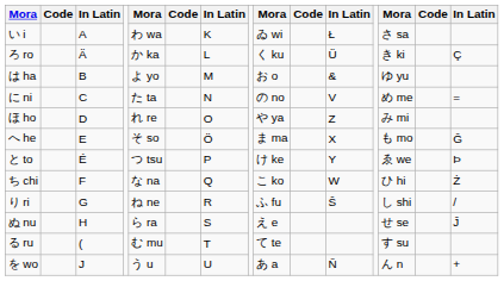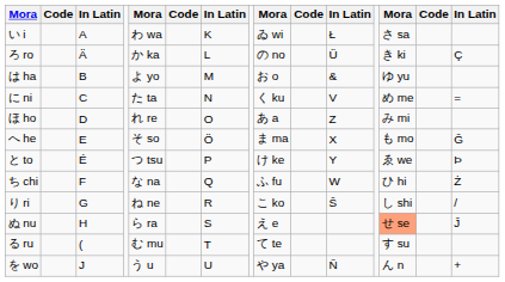 <table class="wikitable">
 <tr>
 <th><a href='#'>Mora</a></th>
 <th>Code</th>
 <th>In Latin</th>
 <td rowspan=13></td>
 <th>Mora</th>
 <th>Code</th>
 <th>In Latin</th>
 <td rowspan=13></td>
 <th>Mora</th>
 <th>Code</th>
 <th>In Latin</th>
 <td rowspan=13></td>
 <th>Mora</th>
 <th>Code</th>
 <th>In Latin</th>
 </tr>
 <tr>
 <td>い i</td>
 <td></td>
 <td>A</td>
 <td>わ wa</td>
 <td></td>
 <td>K</td>
 <td>ゐ wi</td>
 <td></td>
 <td>Ł</td>
 <td>さ sa</td>
 <td></td>
 <td></td>
 </tr>
 <tr>
 <td>ろ ro</td>
 <td></td>
 <td>Ä</td>
 <td>か ka</td>
 <td></td>
 <td>L</td>
-<td>く ku</td>
+<td>の no</td>
 <td></td>
 <td>Ü</td>
 <td>き ki</td>
 <td></td>
 <td>Ç</td>
 </tr>
 <tr>
 <td>は ha</td>
 <td></td>
 <td>B</td>
 <td>よ yo</td>
 <td></td>
 <td>M</td>
 <td>お o</td>
 <td></td>
 <td>&</td>
 <td>ゆ yu</td>
 <td></td>
 <td></td>
 </tr>
 <tr>
 <td>に ni</td>
 <td></td>
 <td>C</td>
 <td>た ta</td>
 <td></td>
 <td>N</td>
-<td>の no</td>
+<td>く ku</td>
 <td></td>
 <td>V</td>
 <td>め me</td>
 <td></td>
 <td>=</td>
 </tr>
 <tr>
 <td>ほ ho</td>
 <td></td>
 <td>D</td>
 <td>れ re</td>
 <td></td>
 <td>O</td>
-<td>や ya</td>
+<td>あ a</td>
 <td></td>
 <td>Z</td>
 <td>み mi</td>
 <td></td>
 <td></td>
 </tr>
 <tr>
 <td>へ he</td>
 <td></td>
 <td>E</td>
 <td>そ so</td>
 <td></td>
 <td>Ö</td>
 <td>ま ma</td>
 <td></td>
 <td>X</td>
 <td>も mo</td>
 <td></td>
 <td>Ĝ</td>
 </tr>
 <tr>
 <td>と to</td>
 <td></td>
 <td>É</td>
 <td>つ tsu</td>
 <td></td>
 <td>P</td>
 <td>け ke</td>
 <td></td>
 <td>Y</td>
 <td>ゑ we</td>
 <td></td>
 <td>Þ</td>
 </tr>
 <tr>
 <td>ち chi</td>
 <td></td>
 <td>F</td>
 <td>な na</td>
 <td></td>
 <td>Q</td>
-<td>こ ko</td>
+<td>ふ fu</td>
 <td></td>
 <td>W</td>
 <td>ひ hi</td>
 <td></td>
 <td>Ż</td>
 </tr>
 <tr>
 <td>り ri</td>
 <td></td>
 <td>G</td>
 <td>ね ne</td>
 <td></td>
 <td>R</td>
-<td>ふ fu</td>
+<td>こ ko</td>
 <td></td>
 <td>Š</td>
 <td>し shi</td>
 <td></td>
 <td>/</td>
 </tr>
 <tr>
 <td>ぬ nu</td>
 <td></td>
 <td>H</td>
 <td>ら ra</td>
 <td></td>
 <td>S</td>
 <td>え e</td>
 <td></td>
 <td></td>
-<td>せ se</td>
+<td style="background: lightsalmon;">せ se</td>
 <td></td>
 <td>Ĵ</td>
 </tr>
 <tr>
 <td>る ru</td>
 <td></td>
 <td>(</td>
 <td>む mu</td>
 <td></td>
 <td>T</td>
 <td>て te</td>
 <td></td>
 <td></td>
 <td>す su</td>
 <td></td>
 <td></td>
 </tr>
 <tr>
 <td>を wo</td>
 <td></td>
 <td>J</td>
 <td>う u</td>
 <td></td>
 <td>U</td>
-<td>あ a</td>
+<td>や ya</td>
 <td></td>
 <td>Ñ</td>
 <td>ん n</td>
 <td></td>
 <td>+</td>
 </tr>
 </table>
